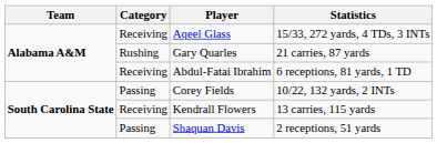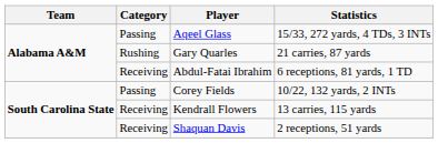 <table class="wikitable" style="float: left;">
 <tr>
 <th>Team</th>
 <th>Category</th>
 <th>Player</th>
 <th>Statistics</th>
 </tr>
 <tr>
 <td rowspan=3><strong>Alabama A&M</strong></td>
-<td>Receiving</td>
+<td>Passing</td>
 <td><a href='#'>Aqeel Glass</a></td>
 <td>15/33, 272 yards, 4 TDs, 3 INTs</td>
 </tr>
 <tr>
 <td>Rushing</td>
 <td>Gary Quarles</td>
 <td>21 carries, 87 yards</td>
 </tr>
 <tr>
 <td>Receiving</td>
 <td>Abdul-Fatai Ibrahim</td>
 <td>6 receptions, 81 yards, 1 TD</td>
 </tr>
 <tr>
 <td rowspan=3><strong>South Carolina State</strong></td>
 <td>Passing</td>
 <td>Corey Fields</td>
 <td>10/22, 132 yards, 2 INTs</td>
 </tr>
 <tr>
 <td>Receiving</td>
 <td>Kendrall Flowers</td>
 <td>13 carries, 115 yards</td>
 </tr>
 <tr>
-<td>Passing</td>
+<td>Receiving</td>
 <td><a href='#'>Shaquan Davis</a></td>
 <td>2 receptions, 51 yards</td>
 </tr>
 </table>
